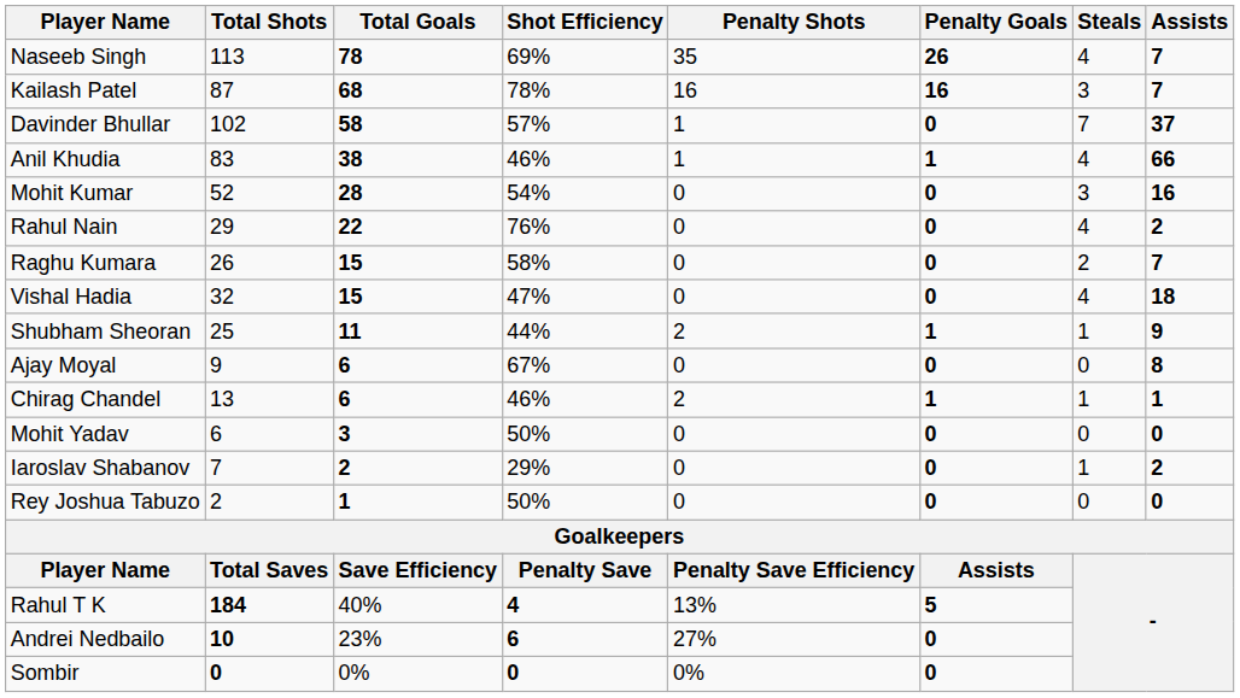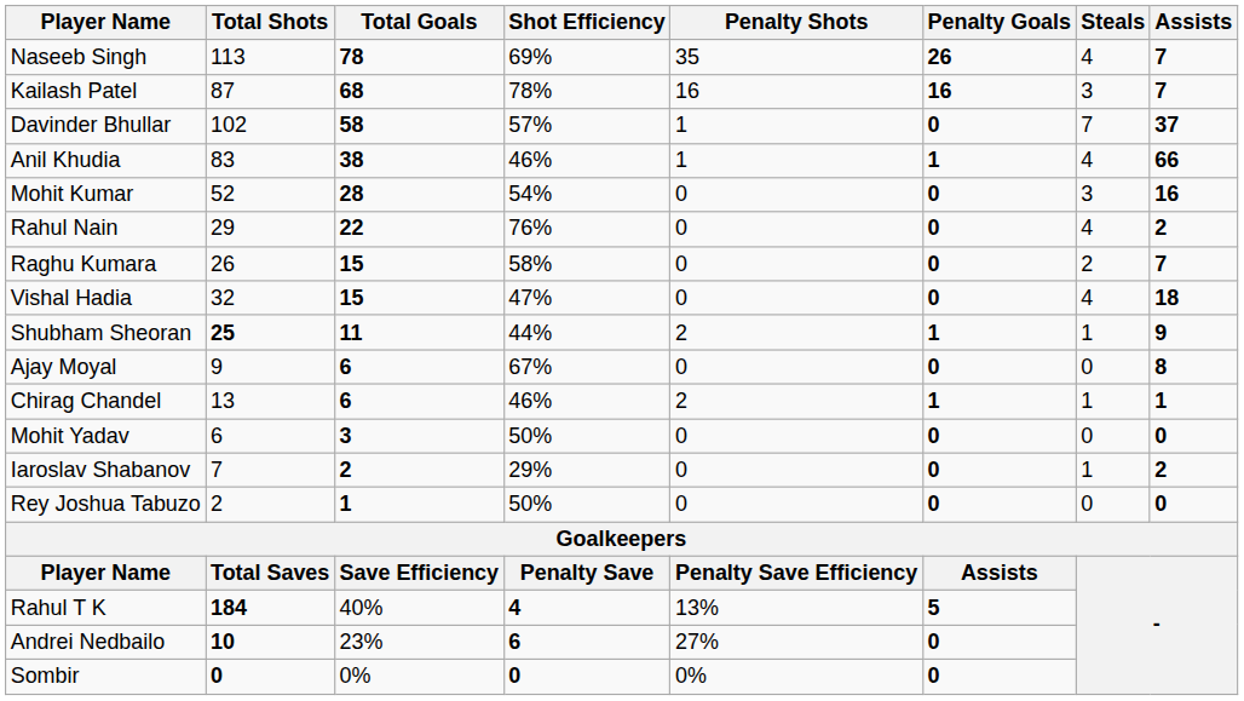 <table class="wikitable">
 <tr>
 <th><strong>Player Name</strong></th>
 <th><strong>Total Shots</strong></th>
 <th><strong>Total Goals</strong></th>
 <th><strong>Shot Efficiency</strong></th>
 <th><strong>Penalty Shots</strong></th>
 <th><strong>Penalty Goals</strong></th>
 <th><strong>Steals</strong></th>
 <th><strong>Assists</strong></th>
 </tr>
 <tr>
 <td>Naseeb  Singh</td>
 <td>113</td>
 <td><strong>78</strong></td>
 <td>69%</td>
 <td>35</td>
 <td><strong>26</strong></td>
 <td>4</td>
 <td><strong>7</strong></td>
 </tr>
 <tr>
 <td>Kailash Patel</td>
 <td>87</td>
 <td><strong>68</strong></td>
 <td>78%</td>
 <td>16</td>
 <td><strong>16</strong></td>
 <td>3</td>
 <td><strong>7</strong></td>
 </tr>
 <tr>
 <td>Davinder  Bhullar</td>
 <td>102</td>
 <td><strong>58</strong></td>
 <td>57%</td>
 <td>1</td>
 <td><strong>0</strong></td>
 <td>7</td>
 <td><strong>37</strong></td>
 </tr>
 <tr>
 <td>Anil Khudia</td>
 <td>83</td>
 <td><strong>38</strong></td>
 <td>46%</td>
 <td>1</td>
 <td><strong>1</strong></td>
 <td>4</td>
 <td><strong>66</strong></td>
 </tr>
 <tr>
 <td>Mohit Kumar</td>
 <td>52</td>
 <td><strong>28</strong></td>
 <td>54%</td>
 <td>0</td>
 <td><strong>0</strong></td>
 <td>3</td>
 <td><strong>16</strong></td>
 </tr>
 <tr>
 <td>Rahul Nain</td>
 <td>29</td>
 <td><strong>22</strong></td>
 <td>76%</td>
 <td>0</td>
 <td><strong>0</strong></td>
 <td>4</td>
 <td><strong>2</strong></td>
 </tr>
 <tr>
 <td>Raghu Kumara</td>
 <td>26</td>
 <td><strong>15</strong></td>
 <td>58%</td>
 <td>0</td>
 <td><strong>0</strong></td>
 <td>2</td>
 <td><strong>7</strong></td>
 </tr>
 <tr>
 <td>Vishal Hadia</td>
 <td>32</td>
 <td><strong>15</strong></td>
 <td>47%</td>
 <td>0</td>
 <td><strong>0</strong></td>
 <td>4</td>
 <td><strong>18</strong></td>
 </tr>
 <tr>
 <td>Shubham  Sheoran</td>
-<td>25</td>
+<td><strong>25</strong></td>
 <td><strong>11</strong></td>
 <td>44%</td>
 <td>2</td>
 <td><strong>1</strong></td>
 <td>1</td>
 <td><strong>9</strong></td>
 </tr>
 <tr>
 <td>Ajay Moyal</td>
 <td>9</td>
 <td><strong>6</strong></td>
 <td>67%</td>
 <td>0</td>
 <td><strong>0</strong></td>
 <td>0</td>
 <td><strong>8</strong></td>
 </tr>
 <tr>
 <td>Chirag Chandel</td>
 <td>13</td>
 <td><strong>6</strong></td>
 <td>46%</td>
 <td>2</td>
 <td><strong>1</strong></td>
 <td>1</td>
 <td><strong>1</strong></td>
 </tr>
 <tr>
 <td>Mohit Yadav</td>
 <td>6</td>
 <td><strong>3</strong></td>
 <td>50%</td>
 <td>0</td>
 <td><strong>0</strong></td>
 <td>0</td>
 <td><strong>0</strong></td>
 </tr>
 <tr>
 <td>Iaroslav  Shabanov</td>
 <td>7</td>
 <td><strong>2</strong></td>
 <td>29%</td>
 <td>0</td>
 <td><strong>0</strong></td>
 <td>1</td>
 <td><strong>2</strong></td>
 </tr>
 <tr>
 <td>Rey Joshua  Tabuzo</td>
 <td>2</td>
 <td><strong>1</strong></td>
 <td>50%</td>
 <td>0</td>
 <td><strong>0</strong></td>
 <td>0</td>
 <td><strong>0</strong></td>
 </tr>
 <tr>
 <th colspan="8">Goalkeepers</th>
 </tr>
 <tr>
 <th>Player Name</th>
 <th>Total Saves</th>
 <th>Save Efficiency</th>
 <th>Penalty Save</th>
 <th>Penalty Save Efficiency</th>
 <th>Assists</th>
 <th colspan="2" rowspan="4">-</th>
 </tr>
 <tr>
 <td>Rahul T K</td>
 <td><strong>184</strong></td>
 <td>40%</td>
 <td><strong>4</strong></td>
 <td>13%</td>
 <td><strong>5</strong></td>
 </tr>
 <tr>
 <td>Andrei Nedbailo</td>
 <td><strong>10</strong></td>
 <td>23%</td>
 <td><strong>6</strong></td>
 <td>27%</td>
 <td><strong>0</strong></td>
 </tr>
 <tr>
 <td>Sombir</td>
 <td><strong>0</strong></td>
 <td>0%</td>
 <td><strong>0</strong></td>
 <td>0%</td>
 <td><strong>0</strong></td>
 </tr>
 </table>
